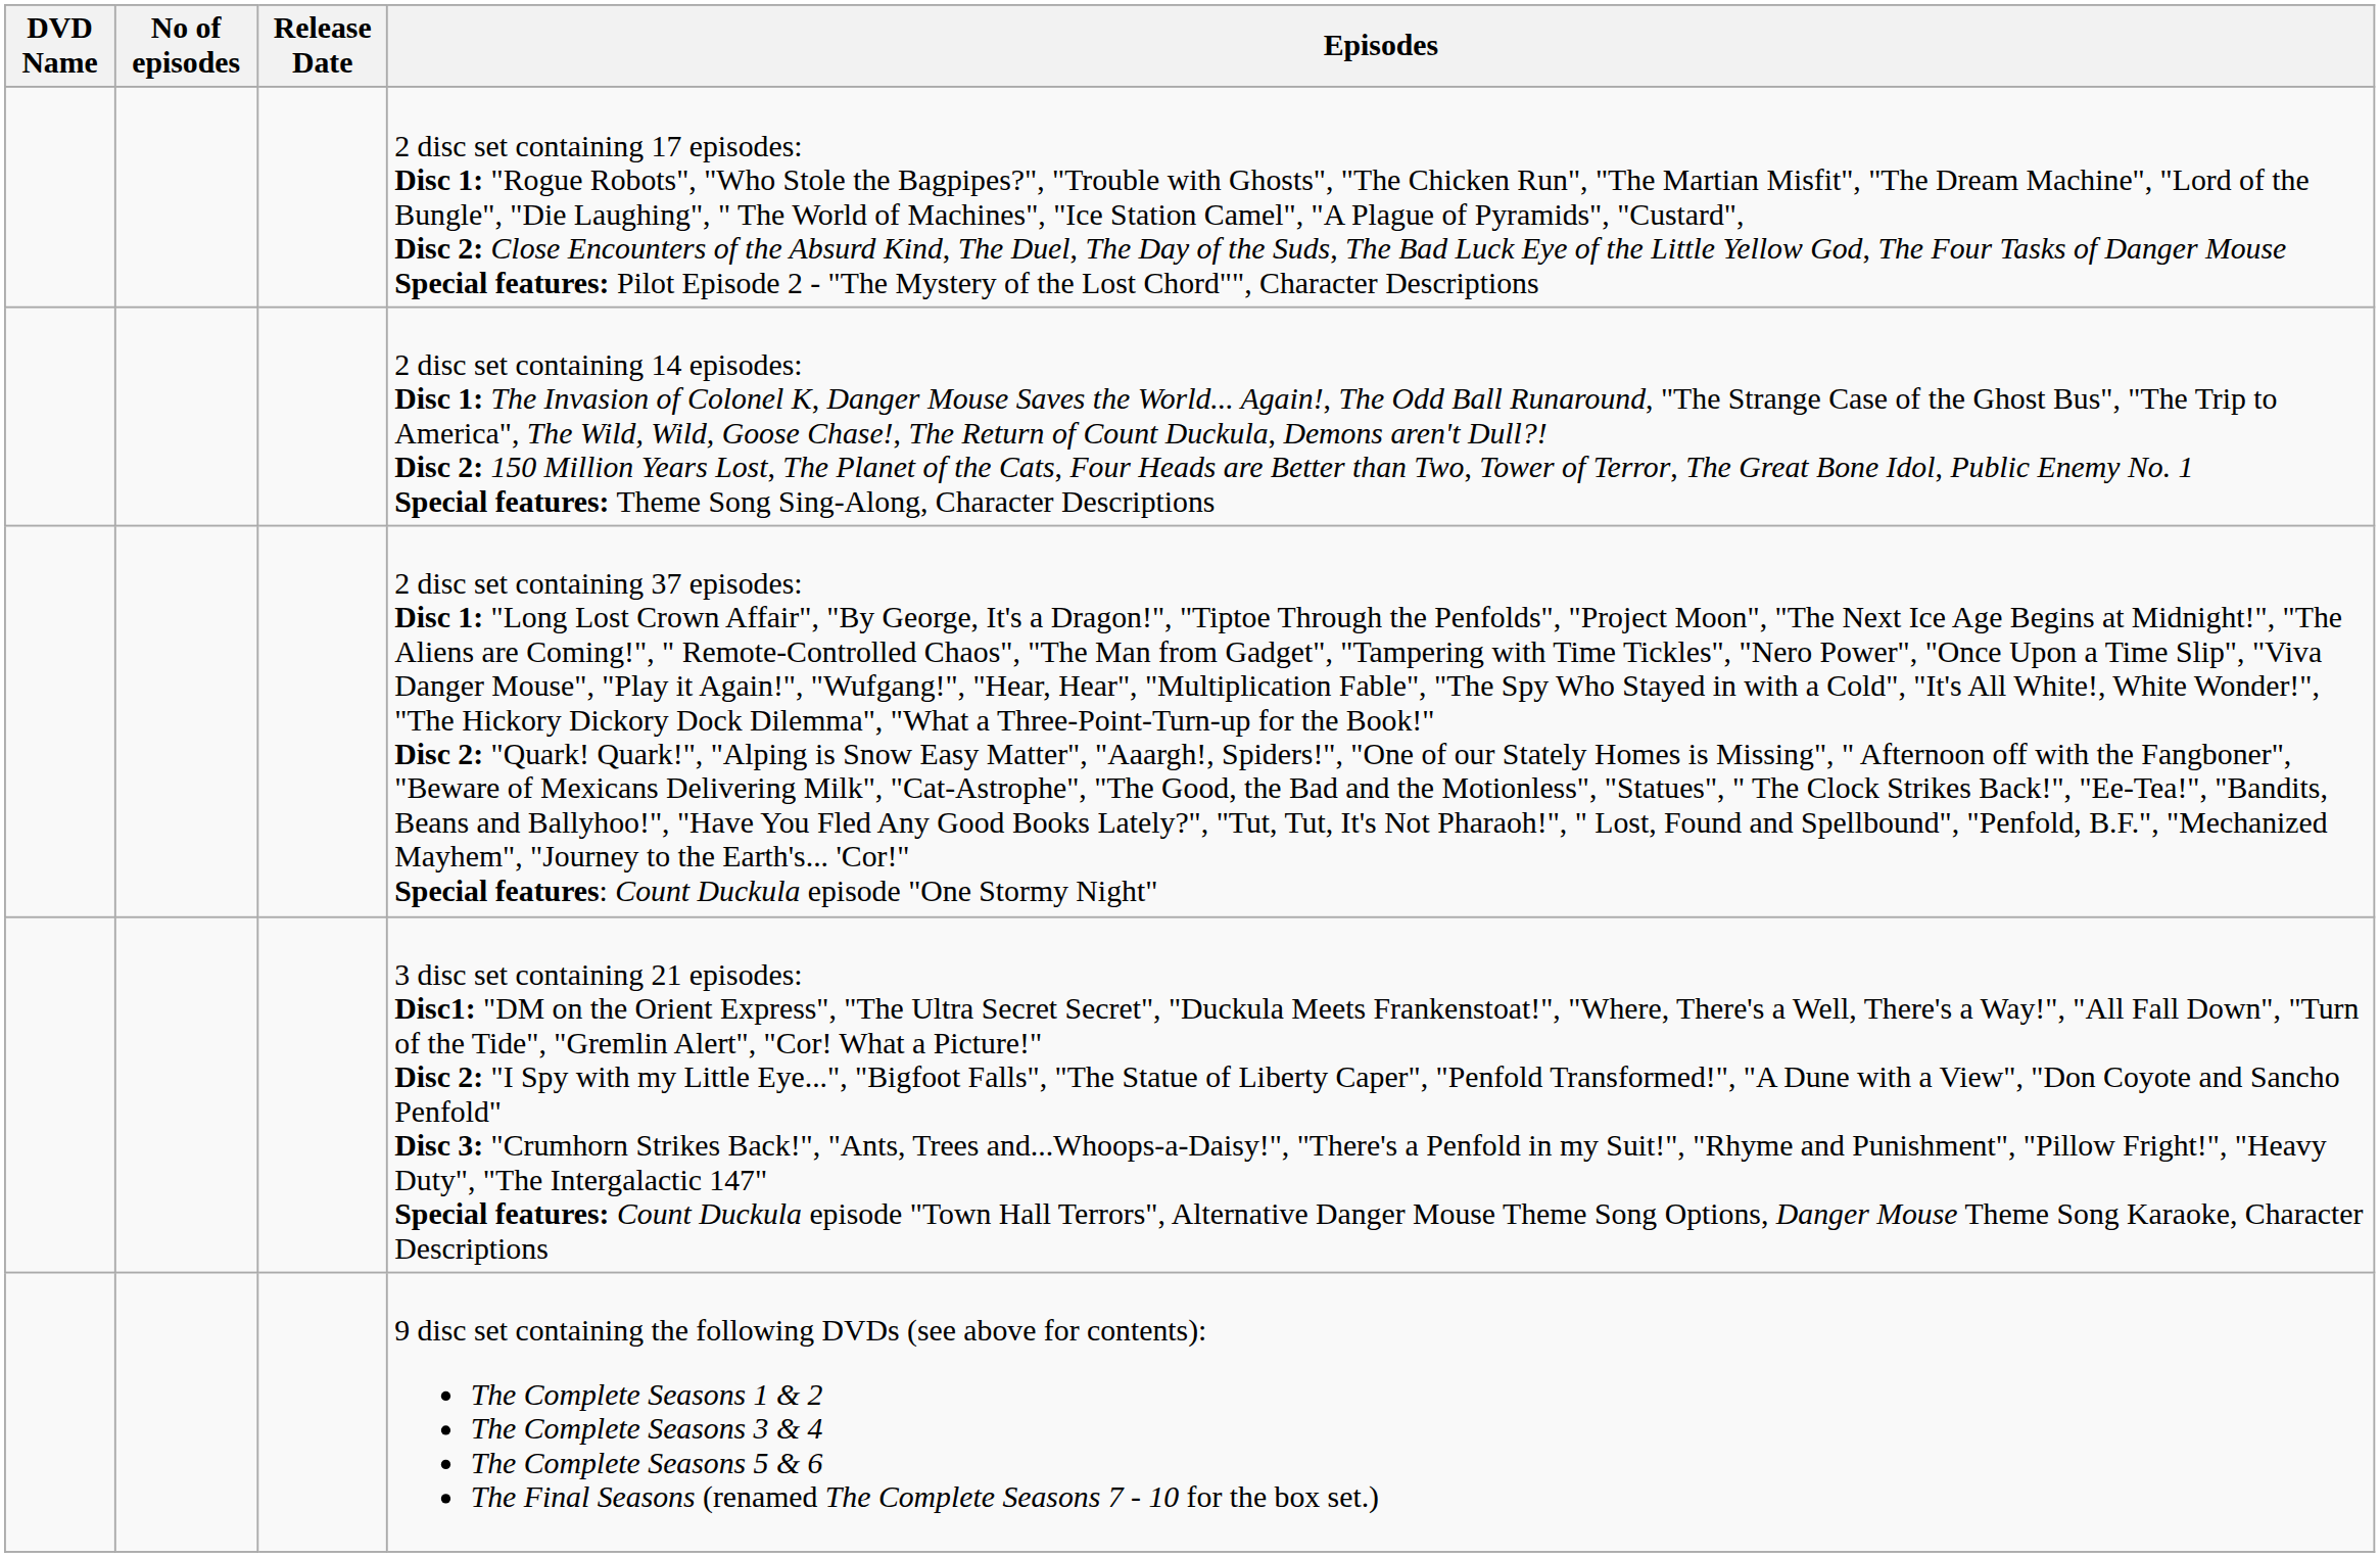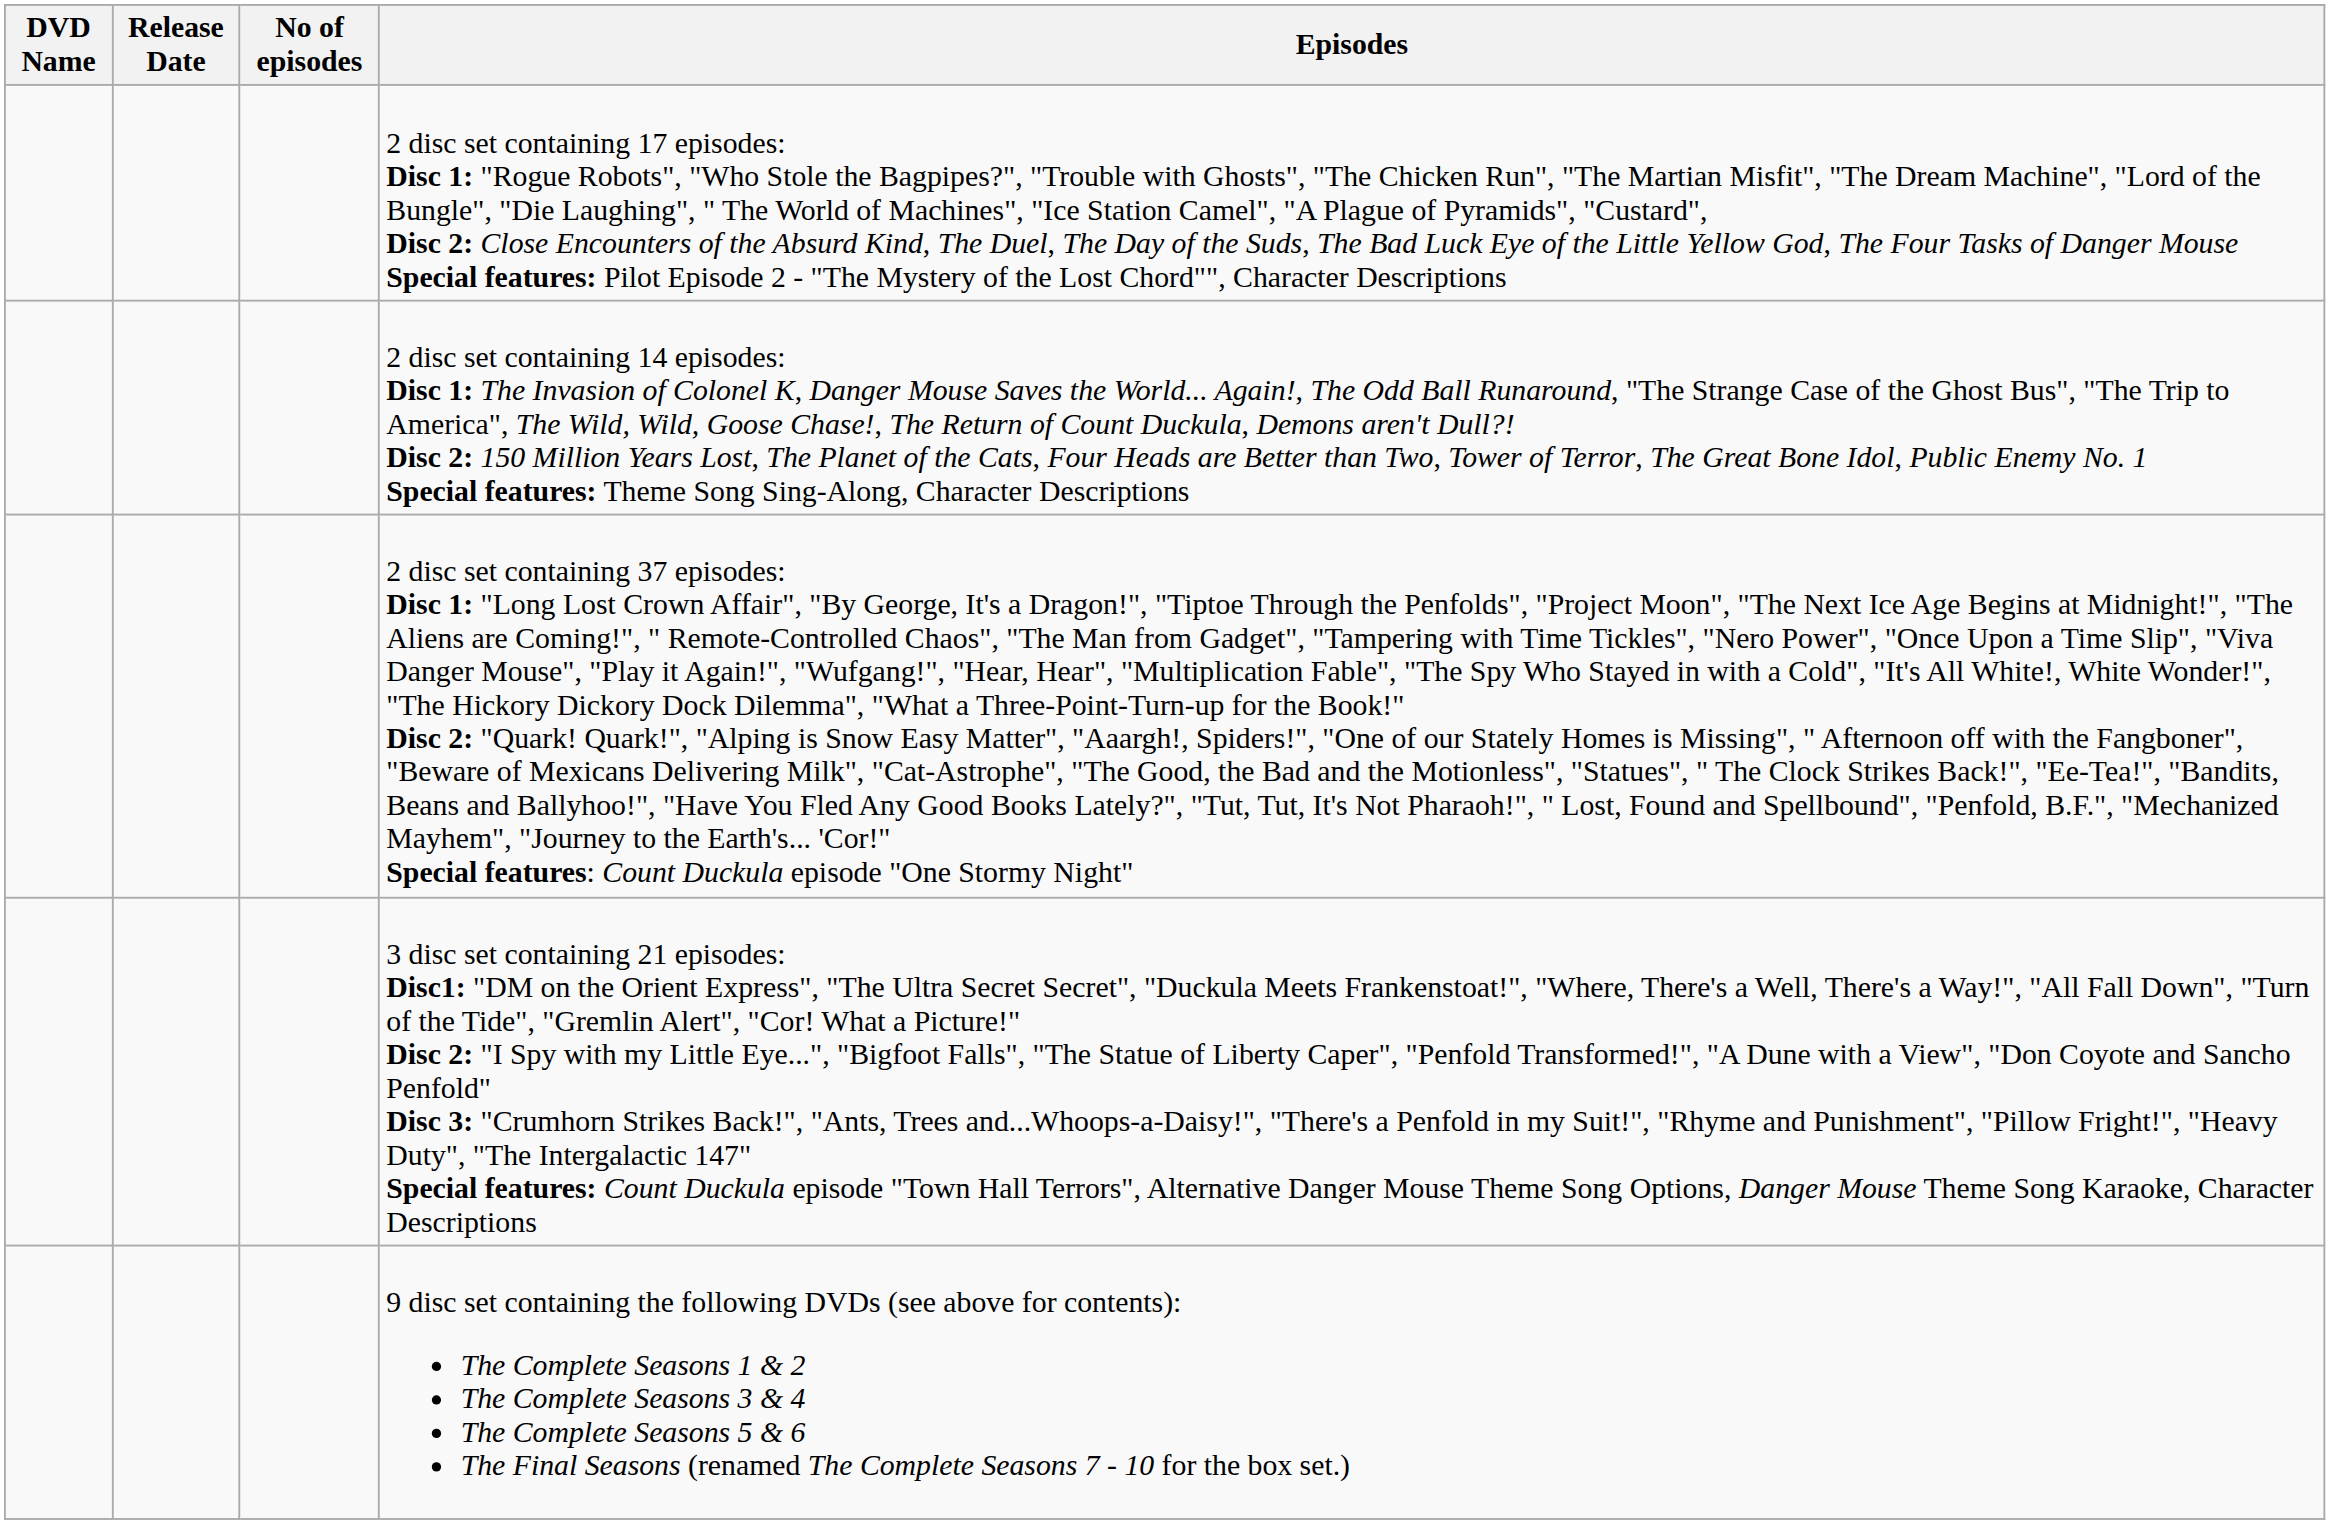 <table class="wikitable">
 <tr>
 <th>DVD Name</th>
+<th>Release Date</th>
 <th>No of episodes</th>
-<th>Release Date</th>
 <th>Episodes</th>
 </tr>
 <tr>
 <td></td>
 <td></td>
 <td></td>
 <td><br>2 disc set containing 17 episodes:<br><strong>Disc 1:</strong> "Rogue Robots", "Who Stole the Bagpipes?", "Trouble with Ghosts", "The Chicken Run", "The Martian Misfit", "The Dream Machine", "Lord of the Bungle", "Die Laughing", " The World of Machines", "Ice Station Camel", "A Plague of Pyramids", "Custard", <br> <strong>Disc 2:</strong> <em>Close Encounters of the Absurd Kind</em>, <em>The Duel</em>, <em>The Day of the Suds</em>, <em>The Bad Luck Eye of the Little Yellow God</em>, <em>The Four Tasks of Danger Mouse</em><br><strong>Special features:</strong> Pilot Episode 2  - "The Mystery of the Lost Chord"", Character Descriptions</td>
 </tr>
 <tr>
 <td></td>
 <td></td>
 <td></td>
 <td><br>2 disc set containing 14 episodes:<br><strong>Disc 1:</strong> <em>The Invasion of Colonel K</em>, <em>Danger Mouse Saves the World... Again!</em>, <em>The Odd Ball Runaround</em>, "The Strange Case of the Ghost Bus", "The Trip to America", <em>The Wild, Wild, Goose Chase!</em>, <em>The Return of Count Duckula</em>, <em>Demons aren't Dull?!</em><br><strong>Disc 2:</strong> <em>150 Million Years Lost</em>, <em>The Planet of the Cats</em>, <em>Four Heads are Better than Two</em>, <em>Tower of Terror</em>, <em>The Great Bone Idol</em>, <em>Public Enemy No. 1</em><br><strong>Special features:</strong> Theme Song Sing-Along, Character Descriptions</td>
 </tr>
 <tr>
 <td></td>
 <td></td>
 <td></td>
 <td><br>2 disc set containing 37 episodes:<br><strong>Disc 1:</strong> "Long Lost Crown Affair", "By George, It's a Dragon!", "Tiptoe Through the Penfolds", "Project Moon", "The Next Ice Age Begins at Midnight!", "The Aliens are Coming!", " Remote-Controlled Chaos", "The Man from Gadget", "Tampering with Time Tickles", "Nero Power", "Once Upon a Time Slip", "Viva Danger Mouse", "Play it Again!", "Wufgang!", "Hear, Hear", "Multiplication Fable", "The Spy Who Stayed in with a Cold", "It's All White!, White Wonder!", "The Hickory Dickory Dock Dilemma", "What a Three-Point-Turn-up for the Book!"<br><strong>Disc 2:</strong> "Quark! Quark!", "Alping is Snow Easy Matter", "Aaargh!, Spiders!", "One of our Stately Homes is Missing", " Afternoon off with the Fangboner", "Beware of Mexicans Delivering Milk", "Cat-Astrophe", "The Good, the Bad and the Motionless", "Statues", " The Clock Strikes Back!", "Ee-Tea!", "Bandits, Beans and Ballyhoo!", "Have You Fled Any Good Books Lately?", "Tut, Tut, It's Not Pharaoh!", " Lost, Found and Spellbound", "Penfold, B.F.", "Mechanized Mayhem", "Journey to the Earth's... 'Cor!"<br><strong>Special features</strong>: <em>Count Duckula</em> episode "One Stormy Night"</td>
 </tr>
 <tr>
 <td></td>
 <td></td>
 <td></td>
 <td><br>3 disc set containing 21 episodes:<br><strong>Disc1:</strong> "DM on the Orient Express", "The Ultra Secret Secret", "Duckula Meets Frankenstoat!", "Where, There's a Well, There's a Way!", "All Fall Down", "Turn of the Tide", "Gremlin Alert", "Cor! What a Picture!"<br><strong>Disc 2:</strong> "I Spy with my Little Eye...", "Bigfoot Falls", "The Statue of Liberty Caper", "Penfold Transformed!", "A Dune with a View", "Don Coyote and Sancho Penfold"<br><strong>Disc 3:</strong> "Crumhorn Strikes Back!", "Ants, Trees and...Whoops-a-Daisy!", "There's a Penfold in my Suit!", "Rhyme and Punishment", "Pillow Fright!", "Heavy Duty", "The Intergalactic 147"<br><strong>Special features:</strong> <em>Count Duckula</em> episode "Town Hall Terrors", Alternative Danger Mouse Theme Song Options, <em>Danger Mouse</em> Theme Song Karaoke, Character Descriptions</td>
 </tr>
 <tr>
 <td></td>
 <td></td>
 <td></td>
 <td><br>9 disc set containing the following DVDs (see above for contents):<ul><li><em>The Complete Seasons 1 & 2</em></li><li><em>The Complete Seasons 3 & 4</em></li><li><em>The Complete Seasons 5 & 6</em></li><li><em>The Final Seasons</em> (renamed <em>The Complete Seasons 7 - 10</em> for the box set.)</li></ul></td>
 </tr>
 </table>
